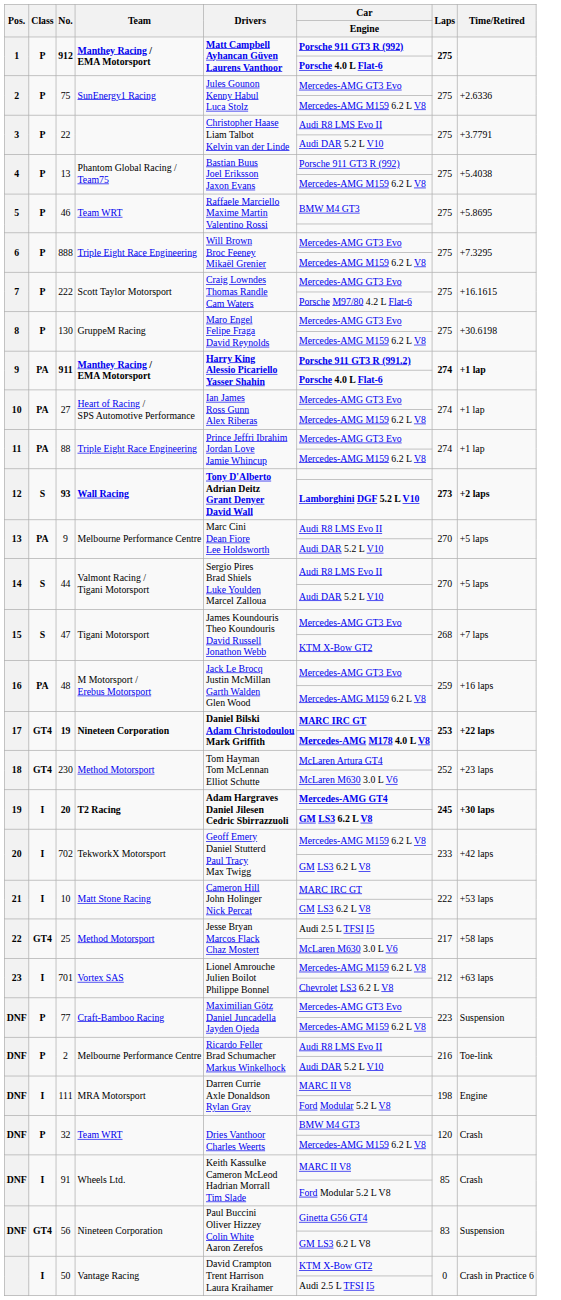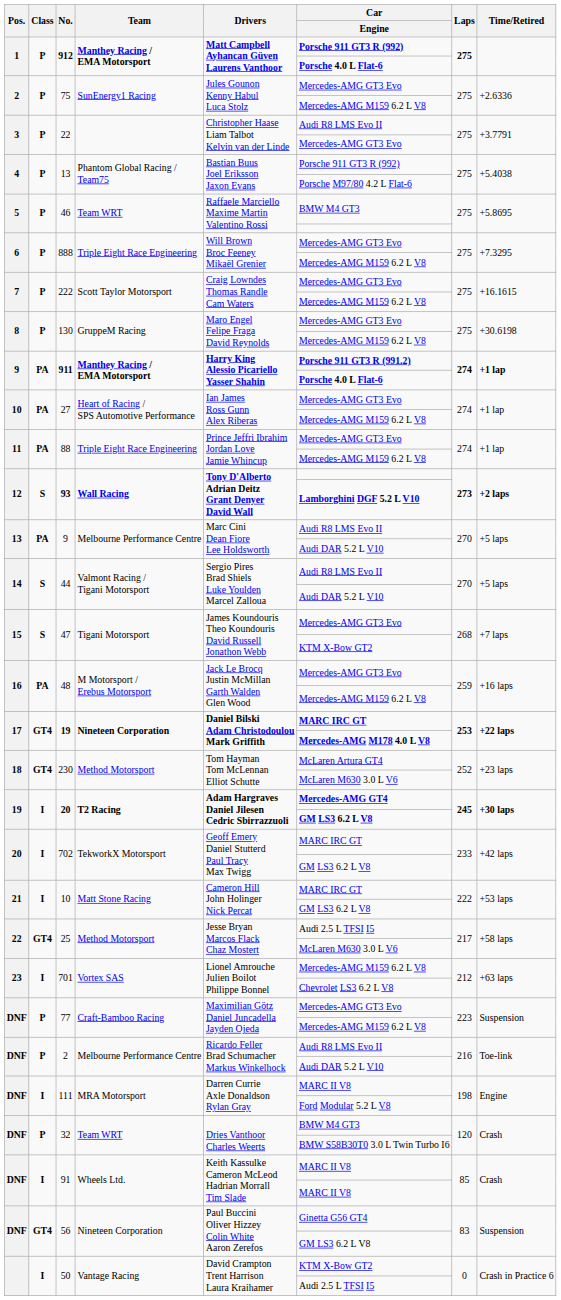 <table class="wikitable" style="font-size: 90%;">
 <tr>
 <th rowspan="2">Pos.</th>
 <th rowspan="2">Class</th>
 <th rowspan="2">No.</th>
 <th rowspan="2">Team</th>
 <th rowspan="2">Drivers</th>
 <th>Car</th>
 <th rowspan="2">Laps</th>
 <th rowspan="2">Time/Retired</th>
 </tr>
 <tr>
 <th>Engine</th>
 </tr>
 <tr>
 <th rowspan="2">1</th>
 <td rowspan="2" align=center><strong><span>P</span></strong></td>
 <td rowspan="2" align=center><strong>912</strong></td>
 <td rowspan="2"><strong> <a href='#'>Manthey Racing</a> /<br> EMA Motorsport</strong></td>
 <td rowspan="2"><strong> <a href='#'>Matt Campbell</a><br> <a href='#'>Ayhancan Güven</a><br> <a href='#'>Laurens Vanthoor</a></strong></td>
 <td><strong><a href='#'>Porsche 911 GT3 R (992)</a></strong></td>
 <td rowspan="2" align=center><strong>275</strong></td>
 <td rowspan="2"></td>
 </tr>
 <tr>
 <td><strong><a href='#'>Porsche</a> 4.0 L <a href='#'>Flat-6</a></strong></td>
 </tr>
 <tr>
 <th rowspan="2">2</th>
 <td rowspan="2" align=center><strong><span>P</span></strong></td>
 <td rowspan="2" align=center>75</td>
 <td rowspan="2"> <a href='#'>SunEnergy1 Racing</a></td>
 <td rowspan="2"> <a href='#'>Jules Gounon</a><br> <a href='#'>Kenny Habul</a><br> <a href='#'>Luca Stolz</a></td>
 <td><a href='#'>Mercedes-AMG GT3 Evo</a></td>
 <td rowspan="2" align=center>275</td>
 <td rowspan="2">+2.6336</td>
 </tr>
 <tr>
 <td><a href='#'>Mercedes-AMG M159</a> 6.2 L <a href='#'>V8</a></td>
 </tr>
 <tr>
 <th rowspan="2">3</th>
 <td rowspan="2" align=center><strong><span>P</span></strong></td>
 <td rowspan="2" align=center>22</td>
 <td rowspan="2"></td>
 <td rowspan="2"> <a href='#'>Christopher Haase</a><br> Liam Talbot<br> <a href='#'>Kelvin van der Linde</a></td>
 <td><a href='#'>Audi R8 LMS Evo II</a></td>
 <td rowspan="2" align=center>275</td>
 <td rowspan="2">+3.7791</td>
 </tr>
 <tr>
-<td><a href='#'>Audi DAR</a> 5.2 L <a href='#'>V10</a></td>
+<td><a href='#'>Mercedes-AMG GT3 Evo</a></td>
 </tr>
 <tr>
 <th rowspan="2">4</th>
 <td rowspan="2" align=center><strong><span>P</span></strong></td>
 <td rowspan="2" align=center>13</td>
 <td rowspan="2"> Phantom Global Racing /<br> <a href='#'>Team75</a></td>
 <td rowspan="2"> <a href='#'>Bastian Buus</a><br> <a href='#'>Joel Eriksson</a><br> <a href='#'>Jaxon Evans</a></td>
 <td><a href='#'>Porsche 911 GT3 R (992)</a></td>
 <td rowspan="2" align=center>275</td>
 <td rowspan="2">+5.4038</td>
 </tr>
 <tr>
-<td><a href='#'>Mercedes-AMG M159</a> 6.2 L <a href='#'>V8</a></td>
+<td><a href='#'>Porsche</a> <a href='#'>M97/80</a> 4.2 L <a href='#'>Flat-6</a></td>
 </tr>
 <tr>
 <th rowspan="2">5</th>
 <td rowspan="2" align=center><strong><span>P</span></strong></td>
 <td rowspan="2" align=center>46</td>
 <td rowspan="2"> <a href='#'>Team WRT</a></td>
 <td rowspan="2"> <a href='#'>Raffaele Marciello</a><br> <a href='#'>Maxime Martin</a><br> <a href='#'>Valentino Rossi</a></td>
 <td><a href='#'>BMW M4 GT3</a></td>
 <td rowspan="2" align=center>275</td>
 <td rowspan="2">+5.8695</td>
 </tr>
 <tr>
 <td></td>
 </tr>
 <tr>
 <th rowspan="2">6</th>
 <td rowspan="2" align=center><strong><span>P</span></strong></td>
 <td rowspan="2" align=center>888</td>
 <td rowspan="2"> <a href='#'>Triple Eight Race Engineering</a></td>
 <td rowspan="2"> <a href='#'>Will Brown</a><br> <a href='#'>Broc Feeney</a><br> <a href='#'>Mikaël Grenier</a></td>
 <td><a href='#'>Mercedes-AMG GT3 Evo</a></td>
 <td rowspan="2" align=center>275</td>
 <td rowspan="2">+7.3295</td>
 </tr>
 <tr>
 <td><a href='#'>Mercedes-AMG M159</a> 6.2 L <a href='#'>V8</a></td>
 </tr>
 <tr>
 <th rowspan="2">7</th>
 <td rowspan="2" align=center><strong><span>P</span></strong></td>
 <td rowspan="2" align=center>222</td>
 <td rowspan="2"> Scott Taylor Motorsport</td>
 <td rowspan="2"> <a href='#'>Craig Lowndes</a><br> <a href='#'>Thomas Randle</a><br> <a href='#'>Cam Waters</a></td>
 <td><a href='#'>Mercedes-AMG GT3 Evo</a></td>
 <td rowspan="2" align=center>275</td>
 <td rowspan="2">+16.1615</td>
 </tr>
 <tr>
-<td><a href='#'>Porsche</a> <a href='#'>M97/80</a> 4.2 L <a href='#'>Flat-6</a></td>
+<td><a href='#'>Mercedes-AMG M159</a> 6.2 L <a href='#'>V8</a></td>
 </tr>
 <tr>
 <th rowspan="2">8</th>
 <td rowspan="2" align=center><strong><span>P</span></strong></td>
 <td rowspan="2" align=center>130</td>
 <td rowspan="2"> GruppeM Racing</td>
 <td rowspan="2"> <a href='#'>Maro Engel</a><br> <a href='#'>Felipe Fraga</a><br> <a href='#'>David Reynolds</a></td>
 <td><a href='#'>Mercedes-AMG GT3 Evo</a></td>
 <td rowspan="2" align=center>275</td>
 <td rowspan="2">+30.6198</td>
 </tr>
 <tr>
 <td><a href='#'>Mercedes-AMG M159</a> 6.2 L <a href='#'>V8</a></td>
 </tr>
 <tr>
 <th rowspan="2">9</th>
 <td rowspan="2" align=center><strong><span>PA</span></strong></td>
 <td rowspan="2" align=center><strong>911</strong></td>
 <td rowspan="2"><strong> <a href='#'>Manthey Racing</a> /<br> EMA Motorsport</strong></td>
 <td rowspan="2"><strong> <a href='#'>Harry King</a><br> <a href='#'>Alessio Picariello</a><br> <a href='#'>Yasser Shahin</a></strong></td>
 <td><strong><a href='#'>Porsche 911 GT3 R (991.2)</a></strong></td>
 <td rowspan="2" align=center><strong>274</strong></td>
 <td rowspan="2"><strong>+1 lap</strong></td>
 </tr>
 <tr>
 <td><strong><a href='#'>Porsche</a> 4.0 L <a href='#'>Flat-6</a></strong></td>
 </tr>
 <tr>
 <th rowspan="2">10</th>
 <td rowspan="2" align=center><strong><span>PA</span></strong></td>
 <td rowspan="2" align=center>27</td>
 <td rowspan="2"> <a href='#'>Heart of Racing</a> /<br> SPS Automotive Performance</td>
 <td rowspan="2"> <a href='#'>Ian James</a><br> <a href='#'>Ross Gunn</a><br> <a href='#'>Alex Riberas</a></td>
 <td><a href='#'>Mercedes-AMG GT3 Evo</a></td>
 <td rowspan="2" align=center>274</td>
 <td rowspan="2">+1 lap</td>
 </tr>
 <tr>
 <td><a href='#'>Mercedes-AMG M159</a> 6.2 L <a href='#'>V8</a></td>
 </tr>
 <tr>
 <th rowspan="2">11</th>
 <td rowspan="2" align=center><strong><span>PA</span></strong></td>
 <td rowspan="2" align=center>88</td>
 <td rowspan="2"> <a href='#'>Triple Eight Race Engineering</a></td>
 <td rowspan="2"> <a href='#'>Prince Jeffri Ibrahim</a><br> <a href='#'>Jordan Love</a><br> <a href='#'>Jamie Whincup</a></td>
 <td><a href='#'>Mercedes-AMG GT3 Evo</a></td>
 <td rowspan="2" align=center>274</td>
 <td rowspan="2">+1 lap</td>
 </tr>
 <tr>
 <td><a href='#'>Mercedes-AMG M159</a> 6.2 L <a href='#'>V8</a></td>
 </tr>
 <tr>
 <th rowspan="2">12</th>
 <td rowspan="2" align=center><strong><span>S</span></strong></td>
 <td rowspan="2" align=center><strong>93</strong></td>
 <td rowspan="2"><strong> <a href='#'>Wall Racing</a></strong></td>
 <td rowspan="2"><strong> <a href='#'>Tony D'Alberto</a><br> Adrian Deitz<br> <a href='#'>Grant Denyer</a><br> <a href='#'>David Wall</a></strong></td>
 <td><strong></strong></td>
 <td rowspan="2" align=center><strong>273</strong></td>
 <td rowspan="2"><strong>+2 laps</strong></td>
 </tr>
 <tr>
 <td><strong><a href='#'>Lamborghini</a> <a href='#'>DGF</a> 5.2 L <a href='#'>V10</a></strong></td>
 </tr>
 <tr>
 <th rowspan="2">13</th>
 <td rowspan="2" align=center><strong><span>PA</span></strong></td>
 <td rowspan="2" align=center>9</td>
 <td rowspan="2"> Melbourne Performance Centre</td>
 <td rowspan="2"> Marc Cini<br> <a href='#'>Dean Fiore</a><br> <a href='#'>Lee Holdsworth</a></td>
 <td><a href='#'>Audi R8 LMS Evo II</a></td>
 <td rowspan="2" align=center>270</td>
 <td rowspan="2">+5 laps</td>
 </tr>
 <tr>
 <td><a href='#'>Audi DAR</a> 5.2 L <a href='#'>V10</a></td>
 </tr>
 <tr>
 <th rowspan="2">14</th>
 <td rowspan="2" align=center><strong><span>S</span></strong></td>
 <td rowspan="2" align=center>44</td>
 <td rowspan="2"> Valmont Racing /<br> Tigani Motorsport</td>
 <td rowspan="2"> Sergio Pires<br> Brad Shiels<br> <a href='#'>Luke Youlden</a><br> Marcel Zalloua</td>
 <td><a href='#'>Audi R8 LMS Evo II</a></td>
 <td rowspan="2" align=center>270</td>
 <td rowspan="2">+5 laps</td>
 </tr>
 <tr>
 <td><a href='#'>Audi DAR</a> 5.2 L <a href='#'>V10</a></td>
 </tr>
 <tr>
 <th rowspan="2">15</th>
 <td rowspan="2" align=center><strong><span>S</span></strong></td>
 <td rowspan="2" align=center>47</td>
 <td rowspan="2"> Tigani Motorsport</td>
 <td rowspan="2"> James Koundouris<br> Theo Koundouris<br> <a href='#'>David Russell</a><br> <a href='#'>Jonathon Webb</a></td>
 <td><a href='#'>Mercedes-AMG GT3 Evo</a></td>
 <td rowspan="2" align=center>268</td>
 <td rowspan="2">+7 laps</td>
 </tr>
 <tr>
 <td><a href='#'>KTM X-Bow GT2</a></td>
 </tr>
 <tr>
 <th rowspan="2">16</th>
 <td rowspan="2" align=center><strong><span>PA</span></strong></td>
 <td rowspan="2" align=center>48</td>
 <td rowspan="2"> M Motorsport /<br> <a href='#'>Erebus Motorsport</a></td>
 <td rowspan="2"> <a href='#'>Jack Le Brocq</a><br> Justin McMillan<br> <a href='#'>Garth Walden</a><br> Glen Wood</td>
 <td><a href='#'>Mercedes-AMG GT3 Evo</a></td>
 <td rowspan="2" align=center>259</td>
 <td rowspan="2">+16 laps</td>
 </tr>
 <tr>
 <td><a href='#'>Mercedes-AMG M159</a> 6.2 L <a href='#'>V8</a></td>
 </tr>
 <tr>
 <th rowspan="2">17</th>
 <td rowspan="2" align=center><strong><span>GT4</span></strong></td>
 <td rowspan="2" align=center><strong>19</strong></td>
 <td rowspan="2"><strong> Nineteen Corporation</strong></td>
 <td rowspan="2"><strong> Daniel Bilski<br> <a href='#'>Adam Christodoulou</a><br> Mark Griffith</strong></td>
 <td><strong><a href='#'>MARC IRC GT</a></strong></td>
 <td rowspan="2" align=center><strong>253</strong></td>
 <td rowspan="2"><strong>+22 laps</strong></td>
 </tr>
 <tr>
 <td><strong><a href='#'>Mercedes-AMG</a> <a href='#'>M178</a> 4.0 L <a href='#'>V8</a></strong></td>
 </tr>
 <tr>
 <th rowspan="2">18</th>
 <td rowspan="2" align=center><strong><span>GT4</span></strong></td>
 <td rowspan="2" align=center>230</td>
 <td rowspan="2"> <a href='#'>Method Motorsport</a></td>
 <td rowspan="2"> Tom Hayman<br> Tom McLennan<br> Elliot Schutte</td>
 <td><a href='#'>McLaren Artura GT4</a></td>
 <td rowspan="2" align=center>252</td>
 <td rowspan="2">+23 laps</td>
 </tr>
 <tr>
 <td><a href='#'>McLaren M630</a> 3.0 L <a href='#'>V6</a></td>
 </tr>
 <tr>
 <th rowspan="2">19</th>
 <td rowspan="2" align=center><strong><span>I</span></strong></td>
 <td rowspan="2" align=center><strong>20</strong></td>
 <td rowspan="2"><strong> T2 Racing</strong></td>
 <td rowspan="2"><strong> Adam Hargraves<br> Daniel Jilesen<br> Cedric Sbirrazzuoli</strong></td>
 <td><strong><a href='#'>Mercedes-AMG GT4</a></strong></td>
 <td rowspan="2" align=center><strong>245</strong></td>
 <td rowspan="2"><strong>+30 laps</strong></td>
 </tr>
 <tr>
 <td><strong><a href='#'>GM</a> <a href='#'>LS3</a> 6.2 L <a href='#'>V8</a></strong></td>
 </tr>
 <tr>
 <th rowspan="2">20</th>
 <td rowspan="2" align=center><strong><span>I</span></strong></td>
 <td rowspan="2" align=center>702</td>
 <td rowspan="2"> TekworkX Motorsport</td>
 <td rowspan="2"> <a href='#'>Geoff Emery</a><br> Daniel Stutterd<br> <a href='#'>Paul Tracy</a><br> Max Twigg</td>
-<td><a href='#'>Mercedes-AMG M159</a> 6.2 L <a href='#'>V8</a></td>
+<td><a href='#'>MARC IRC GT</a></td>
 <td rowspan="2" align=center>233</td>
 <td rowspan="2">+42 laps</td>
 </tr>
 <tr>
 <td><a href='#'>GM</a> <a href='#'>LS3</a> 6.2 L <a href='#'>V8</a></td>
 </tr>
 <tr>
 <th rowspan="2">21</th>
 <td rowspan="2" align=center><strong><span>I</span></strong></td>
 <td rowspan="2" align=center>10</td>
 <td rowspan="2"> <a href='#'>Matt Stone Racing</a></td>
 <td rowspan="2"> <a href='#'>Cameron Hill</a><br> John Holinger<br> <a href='#'>Nick Percat</a></td>
 <td><a href='#'>MARC IRC GT</a></td>
 <td rowspan="2" align=center>222</td>
 <td rowspan="2">+53 laps</td>
 </tr>
 <tr>
 <td><a href='#'>GM</a> <a href='#'>LS3</a> 6.2 L <a href='#'>V8</a></td>
 </tr>
 <tr>
 <th rowspan="2">22</th>
 <td rowspan="2" align=center><strong><span>GT4</span></strong></td>
 <td rowspan="2" align=center>25</td>
 <td rowspan="2"> <a href='#'>Method Motorsport</a></td>
 <td rowspan="2"> Jesse Bryan<br> <a href='#'>Marcos Flack</a><br> <a href='#'>Chaz Mostert</a></td>
 <td>Audi 2.5 L <a href='#'>TFSI</a> <a href='#'>I5</a></td>
 <td rowspan="2" align=center>217</td>
 <td rowspan="2">+58 laps</td>
 </tr>
 <tr>
 <td><a href='#'>McLaren M630</a> 3.0 L <a href='#'>V6</a></td>
 </tr>
 <tr>
 <th rowspan="2">23</th>
 <td rowspan="2" align=center><strong><span>I</span></strong></td>
 <td rowspan="2" align=center>701</td>
 <td rowspan="2"> <a href='#'>Vortex SAS</a></td>
 <td rowspan="2"> Lionel Amrouche<br> Julien Boilot<br> Philippe Bonnel</td>
 <td><a href='#'>Mercedes-AMG M159</a> 6.2 L <a href='#'>V8</a></td>
 <td rowspan="2" align=center>212</td>
 <td rowspan="2">+63 laps</td>
 </tr>
 <tr>
 <td><a href='#'>Chevrolet</a> <a href='#'>LS3</a> 6.2 L <a href='#'>V8</a></td>
 </tr>
 <tr>
 <th rowspan="2">DNF</th>
 <td rowspan="2" align=center><strong><span>P</span></strong></td>
 <td rowspan="2" align=center>77</td>
 <td rowspan="2"> <a href='#'>Craft-Bamboo Racing</a></td>
 <td rowspan="2"> <a href='#'>Maximilian Götz</a><br> <a href='#'>Daniel Juncadella</a><br> <a href='#'>Jayden Ojeda</a></td>
 <td><a href='#'>Mercedes-AMG GT3 Evo</a></td>
 <td rowspan="2" align=center>223</td>
 <td rowspan="2">Suspension</td>
 </tr>
 <tr>
 <td><a href='#'>Mercedes-AMG M159</a> 6.2 L <a href='#'>V8</a></td>
 </tr>
 <tr>
 <th rowspan="2">DNF</th>
 <td rowspan="2" align=center><strong><span>P</span></strong></td>
 <td rowspan="2" align=center>2</td>
 <td rowspan="2"> Melbourne Performance Centre</td>
 <td rowspan="2"> <a href='#'>Ricardo Feller</a><br> Brad Schumacher<br> <a href='#'>Markus Winkelhock</a></td>
 <td><a href='#'>Audi R8 LMS Evo II</a></td>
 <td rowspan="2" align=center>216</td>
 <td rowspan="2">Toe-link</td>
 </tr>
 <tr>
 <td><a href='#'>Audi DAR</a> 5.2 L <a href='#'>V10</a></td>
 </tr>
 <tr>
 <th rowspan="2">DNF</th>
 <td rowspan="2" align=center><strong><span>I</span></strong></td>
 <td rowspan="2" align=center>111</td>
 <td rowspan="2"> MRA Motorsport</td>
 <td rowspan="2"> Darren Currie<br> Axle Donaldson<br> <a href='#'>Rylan Gray</a></td>
 <td><a href='#'>MARC II V8</a></td>
 <td rowspan="2" align=center>198</td>
 <td rowspan="2">Engine</td>
 </tr>
 <tr>
 <td><a href='#'>Ford</a> <a href='#'>Modular</a> 5.2 L <a href='#'>V8</a></td>
 </tr>
 <tr>
 <th rowspan="2">DNF</th>
 <td rowspan="2" align=center><strong><span>P</span></strong></td>
 <td rowspan="2" align=center>32</td>
 <td rowspan="2"> <a href='#'>Team WRT</a></td>
 <td rowspan="2"><br> <a href='#'>Dries Vanthoor</a><br> <a href='#'>Charles Weerts</a></td>
 <td><a href='#'>BMW M4 GT3</a></td>
 <td rowspan="2" align=center>120</td>
 <td rowspan="2">Crash</td>
 </tr>
 <tr>
-<td><a href='#'>Mercedes-AMG M159</a> 6.2 L <a href='#'>V8</a></td>
+<td><a href='#'>BMW S58B30T0</a> 3.0 L Twin Turbo I6</td>
 </tr>
 <tr>
 <th rowspan="2">DNF</th>
 <td rowspan="2" align=center><strong><span>I</span></strong></td>
 <td rowspan="2" align=center>91</td>
 <td rowspan="2"> Wheels Ltd.</td>
 <td rowspan="2"> Keith Kassulke <br> Cameron McLeod <br> Hadrian Morrall <br> <a href='#'>Tim Slade</a></td>
 <td><a href='#'>MARC II V8</a></td>
 <td rowspan="2" align=center>85</td>
 <td rowspan="2">Crash</td>
 </tr>
 <tr>
-<td><a href='#'>Ford</a> Modular 5.2 L V8</td>
+<td><a href='#'>MARC II V8</a></td>
 </tr>
 <tr>
 <th rowspan="2">DNF</th>
 <td rowspan="2" align=center><strong><span>GT4</span></strong></td>
 <td rowspan="2" align=center>56</td>
 <td rowspan="2"> Nineteen Corporation</td>
 <td rowspan="2"> Paul Buccini <br> Oliver Hizzey<br> <a href='#'>Colin White</a><br> Aaron Zerefos</td>
 <td><a href='#'>Ginetta G56 GT4</a></td>
 <td rowspan="2" align=center>83</td>
 <td rowspan="2">Suspension</td>
 </tr>
 <tr>
 <td><a href='#'>GM LS3</a> 6.2 L V8</td>
 </tr>
 <tr>
 <th rowspan="2"></th>
 <td rowspan="2" align=center><strong><span>I</span></strong></td>
 <td rowspan="2" align=center>50</td>
 <td rowspan="2"> Vantage Racing</td>
 <td rowspan="2"> David Crampton<br> Trent Harrison<br> Laura Kraihamer</td>
 <td><a href='#'>KTM X-Bow GT2</a></td>
 <td rowspan="2" align=center>0</td>
 <td rowspan="2">Crash in Practice 6</td>
 </tr>
 <tr>
 <td>Audi 2.5 L <a href='#'>TFSI</a> <a href='#'>I5</a></td>
 </tr>
 </table>
